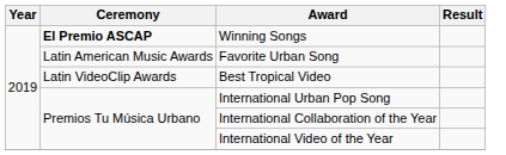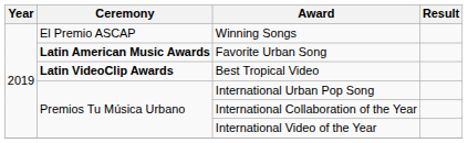 <table class="wikitable">
 <tr>
 <th>Year</th>
 <th>Ceremony</th>
 <th>Award</th>
 <th>Result</th>
 </tr>
 <tr>
 <td rowspan="6">2019</td>
-<td><strong>El Premio ASCAP</strong></td>
+<td>El Premio ASCAP</td>
 <td>Winning Songs</td>
 <td></td>
 </tr>
 <tr>
-<td>Latin American Music Awards</td>
+<td><strong>Latin American Music Awards</strong></td>
 <td>Favorite Urban Song</td>
 <td></td>
 </tr>
 <tr>
-<td>Latin VideoClip Awards</td>
+<td><strong>Latin VideoClip Awards</strong></td>
 <td>Best Tropical Video</td>
 <td></td>
 </tr>
 <tr>
 <td rowspan="3">Premios Tu Música Urbano</td>
 <td>International Urban Pop Song</td>
 <td></td>
 </tr>
 <tr>
 <td>International Collaboration of the Year</td>
 <td></td>
 </tr>
 <tr>
 <td>International Video of the Year</td>
 <td></td>
 </tr>
 <tr>
 </tr>
 </table>
